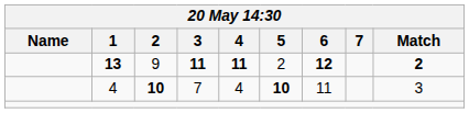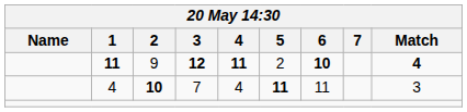 <table class=wikitable style="text-align:center; width: 55%">
 <tr>
 <th colspan=17><em>20 May 14:30</em></th>
 </tr>
 <tr>
 <th>Name</th>
 <th>1</th>
 <th>2</th>
 <th>3</th>
 <th>4</th>
 <th>5</th>
 <th>6</th>
 <th>7</th>
 <th>Match</th>
 </tr>
 <tr>
 <td style="text-align:left;"><strong></strong></td>
-<td><strong>13</strong></td>
+<td><strong>11</strong></td>
 <td>9</td>
-<td><strong>11</strong></td>
+<td><strong>12</strong></td>
 <td><strong>11</strong></td>
 <td>2</td>
-<td><strong>12</strong></td>
+<td><strong>10</strong></td>
 <td></td>
-<td><strong>2</strong></td>
+<td><strong>4</strong></td>
 </tr>
 <tr>
 <td style="text-align:left;"></td>
 <td>4</td>
 <td><strong>10</strong></td>
 <td>7</td>
 <td>4</td>
-<td><strong>10</strong></td>
+<td><strong>11</strong></td>
 <td>11</td>
 <td></td>
 <td>3</td>
 </tr>
 <tr>
 <td colspan=17></td>
 </tr>
 </table>
